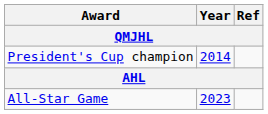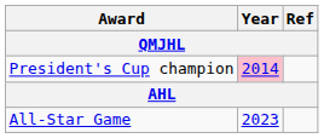 <table class="wikitable">
 <tr>
 <th>Award</th>
 <th>Year</th>
 <th>Ref</th>
 </tr>
 <tr>
 <th colspan="3"><a href='#'>QMJHL</a></th>
 </tr>
 <tr>
 <td><a href='#'>President's Cup</a> champion</td>
-<td><a href='#'>2014</a></td>
+<td style="background: pink;"><a href='#'>2014</a></td>
 <td></td>
 </tr>
 <tr>
 <th colspan="4"><a href='#'>AHL</a></th>
 </tr>
 <tr>
 <td><a href='#'>All-Star Game</a></td>
 <td><a href='#'>2023</a></td>
 <td></td>
 </tr>
 </table>
